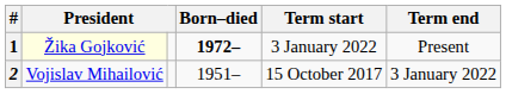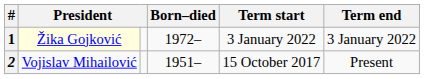 <table class="wikitable" style="text-align:center">
 <tr>
 <th>#</th>
 <th colspan="2">President</th>
 <th>Born–died</th>
 <th>Term start</th>
 <th>Term end</th>
 </tr>
 <tr>
 <th style="background:">1</th>
 <td style="background: lightyellow;"><a href='#'>Žika Gojković</a></td>
 <td></td>
-<td><strong>1972–</strong></td>
+<td>1972–</td>
 <td>3 January 2022</td>
-<td>Present</td>
+<td>3 January 2022</td>
 </tr>
 <tr>
 <th style="background:"><em>2</em></th>
 <td><a href='#'>Vojislav Mihailović</a></td>
 <td></td>
 <td>1951–</td>
 <td>15 October 2017</td>
-<td>3 January 2022</td>
+<td>Present</td>
 </tr>
 </table>
